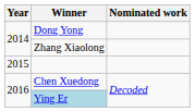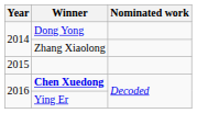 <table class="wikitable">
 <tr>
 <th>Year</th>
 <th>Winner</th>
 <th>Nominated work</th>
 </tr>
 <tr>
 <td rowspan=2>2014</td>
 <td><a href='#'>Dong Yong</a></td>
 <td></td>
 </tr>
 <tr>
 <td>Zhang Xiaolong</td>
 <td></td>
 </tr>
 <tr>
 <td>2015</td>
 <td></td>
 <td></td>
 </tr>
 <tr>
 <td rowspan=2>2016</td>
-<td><a href='#'>Chen Xuedong</a></td>
+<td><strong><a href='#'>Chen Xuedong</a></strong></td>
 <td rowspan=2><em><a href='#'>Decoded</a></em></td>
 </tr>
 <tr>
-<td style="background: lightblue;"><a href='#'>Ying Er</a></td>
+<td><a href='#'>Ying Er</a></td>
 </tr>
 </table>
